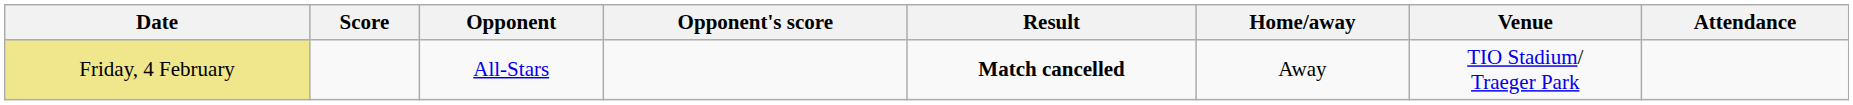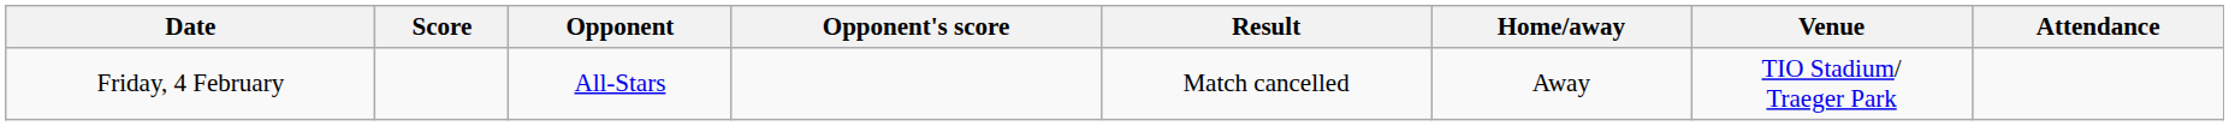 <table class="wikitable" style="font-size:90%; text-align:center; width: 100%; margin-left: auto; margin-right: auto;">
 <tr>
 <th>Date</th>
 <th>Score</th>
 <th>Opponent</th>
 <th>Opponent's score</th>
 <th>Result</th>
 <th>Home/away</th>
 <th>Venue</th>
 <th>Attendance</th>
 </tr>
 <tr>
-<td style="background: khaki;">Friday, 4 February</td>
+<td>Friday, 4 February</td>
 <td></td>
 <td><a href='#'>All-Stars</a></td>
 <td></td>
-<td><strong>Match cancelled</strong></td>
+<td>Match cancelled</td>
 <td>Away</td>
 <td><a href='#'>TIO Stadium</a>/<br><a href='#'>Traeger Park</a></td>
 <td></td>
 </tr>
 </table>
